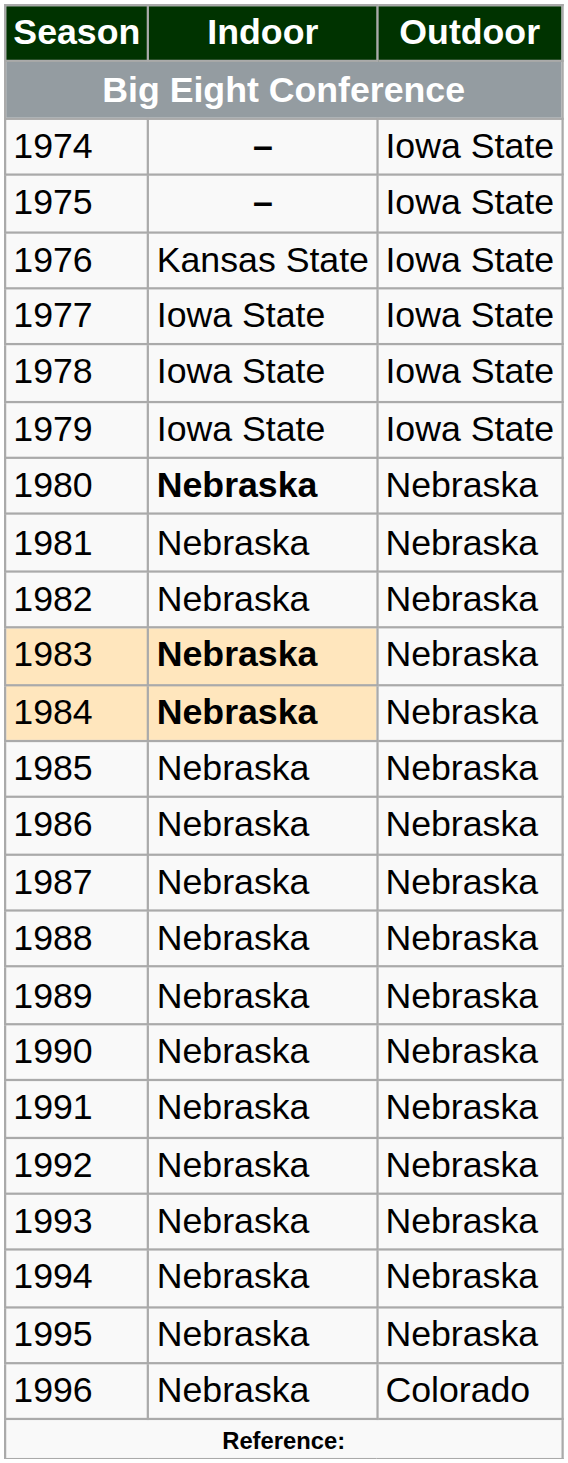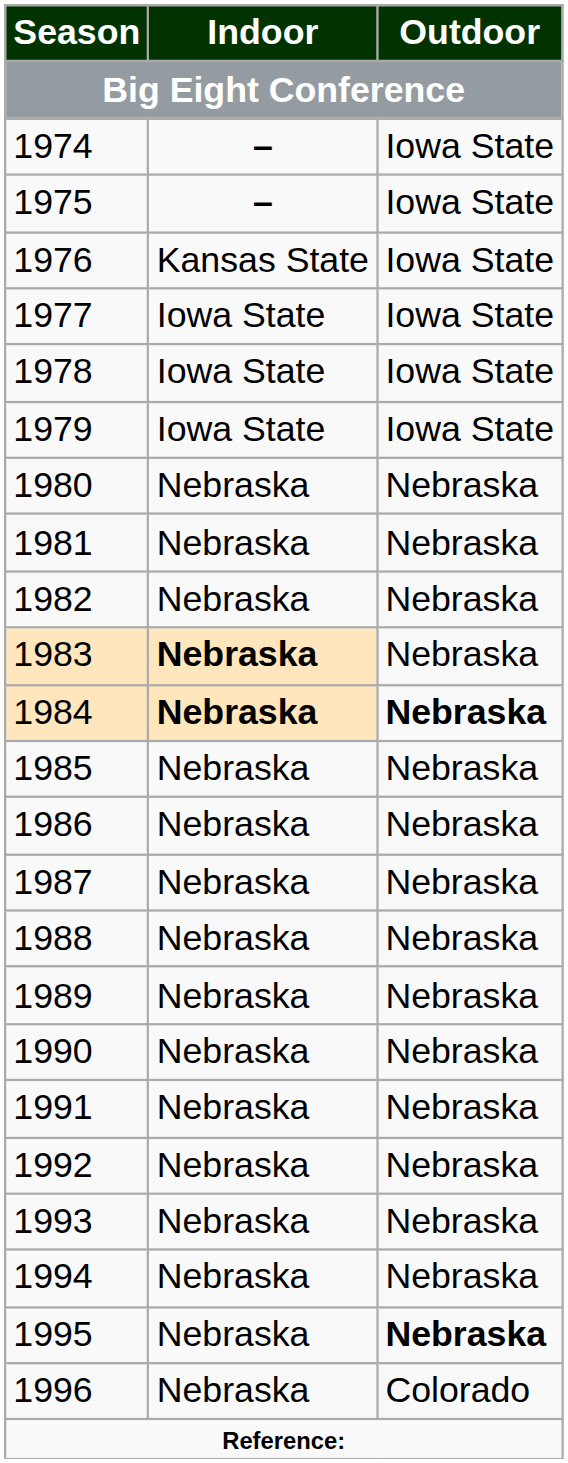 <table class="wikitable">
 <tr>
 <th style="background:#003300;color:white;">Season</th>
 <th style="background:#003300;color:white;">Indoor</th>
 <th style="background:#003300;color:white;">Outdoor</th>
 </tr>
 <tr>
 <th colspan="3" style="background:#949CA1;color:white;"><strong>Big Eight Conference</strong></th>
 </tr>
 <tr>
 <td>1974</td>
 <td align="center"><strong>–</strong></td>
 <td>Iowa State</td>
 </tr>
 <tr>
 <td>1975</td>
 <td align="center"><strong>–</strong></td>
 <td>Iowa State</td>
 </tr>
 <tr>
 <td>1976</td>
 <td>Kansas State</td>
 <td>Iowa State</td>
 </tr>
 <tr>
 <td>1977</td>
 <td>Iowa State</td>
 <td>Iowa State</td>
 </tr>
 <tr>
 <td>1978</td>
 <td>Iowa State</td>
 <td>Iowa State</td>
 </tr>
 <tr>
 <td>1979</td>
 <td>Iowa State</td>
 <td>Iowa State</td>
 </tr>
 <tr>
 <td>1980</td>
-<td><strong>Nebraska</strong></td>
+<td>Nebraska</td>
 <td>Nebraska</td>
 </tr>
 <tr>
 <td>1981</td>
 <td>Nebraska</td>
 <td>Nebraska</td>
 </tr>
 <tr>
 <td>1982</td>
 <td>Nebraska</td>
 <td>Nebraska</td>
 </tr>
 <tr>
 <td bgcolor="#FFE6BD">1983</td>
 <td bgcolor="#FFE6BD"><strong>Nebraska</strong></td>
 <td>Nebraska</td>
 </tr>
 <tr>
 <td bgcolor="#FFE6BD">1984</td>
 <td bgcolor="#FFE6BD"><strong>Nebraska</strong></td>
-<td>Nebraska</td>
+<td><strong>Nebraska</strong></td>
 </tr>
 <tr>
 <td>1985</td>
 <td>Nebraska</td>
 <td>Nebraska</td>
 </tr>
 <tr>
 <td>1986</td>
 <td>Nebraska</td>
 <td>Nebraska</td>
 </tr>
 <tr>
 <td>1987</td>
 <td>Nebraska</td>
 <td>Nebraska</td>
 </tr>
 <tr>
 <td>1988</td>
 <td>Nebraska</td>
 <td>Nebraska</td>
 </tr>
 <tr>
 <td>1989</td>
 <td>Nebraska</td>
 <td>Nebraska</td>
 </tr>
 <tr>
 <td>1990</td>
 <td>Nebraska</td>
 <td>Nebraska</td>
 </tr>
 <tr>
 <td>1991</td>
 <td>Nebraska</td>
 <td>Nebraska</td>
 </tr>
 <tr>
 <td>1992</td>
 <td>Nebraska</td>
 <td>Nebraska</td>
 </tr>
 <tr>
 <td>1993</td>
 <td>Nebraska</td>
 <td>Nebraska</td>
 </tr>
 <tr>
 <td>1994</td>
 <td>Nebraska</td>
 <td>Nebraska</td>
 </tr>
 <tr>
 <td>1995</td>
 <td>Nebraska</td>
-<td>Nebraska</td>
+<td><strong>Nebraska</strong></td>
 </tr>
 <tr>
 <td>1996</td>
 <td>Nebraska</td>
 <td>Colorado</td>
 </tr>
 <tr>
 <td colspan="3"  style="font-size:8pt; text-align:center;"><strong>Reference:</strong></td>
 </tr>
 </table>
